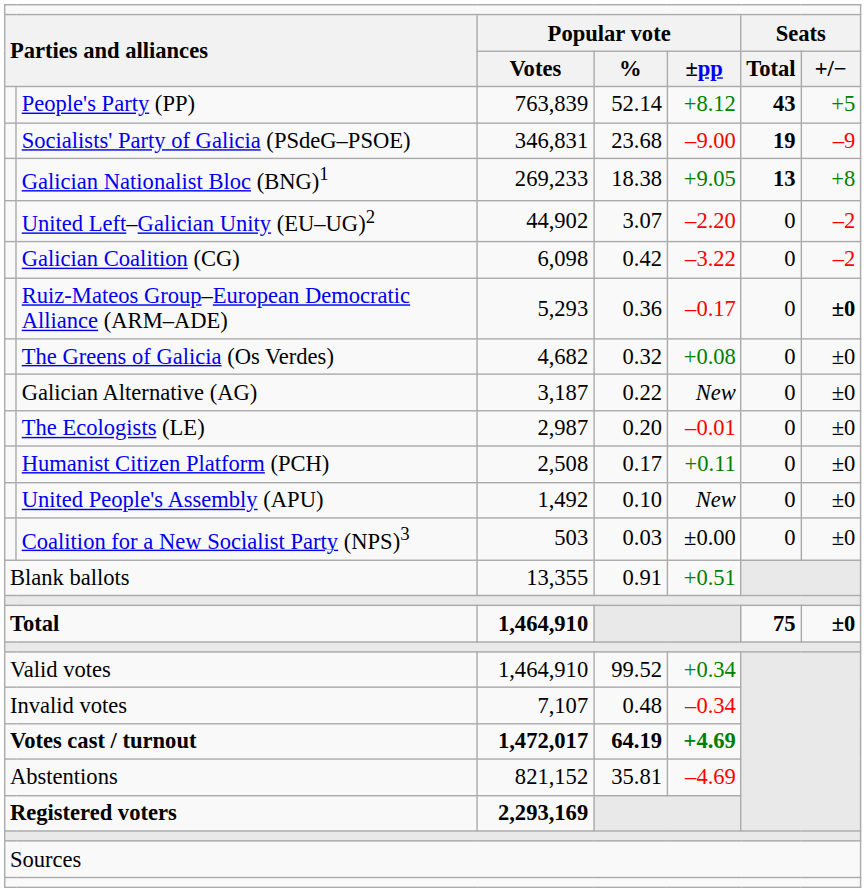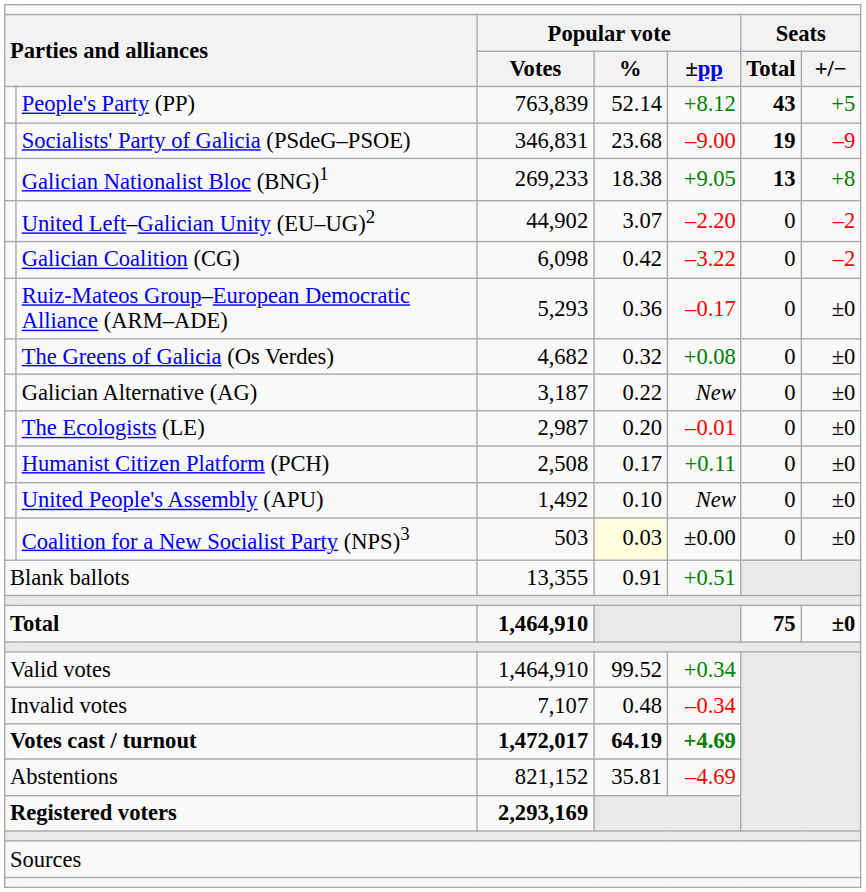 <table class="wikitable" style="text-align:right;">
 <tr>
 <td colspan="7"></td>
 </tr>
 <tr>
 <th style="text-align:left;" rowspan="2" colspan="2" width="525">Parties and alliances</th>
 <th colspan="3">Popular vote</th>
 <th colspan="2">Seats</th>
 </tr>
 <tr>
 <th width="75">Votes</th>
 <th width="45">%</th>
 <th width="45">±<a href='#'>pp</a></th>
 <th width="35">Total</th>
 <th width="35">+/−</th>
 </tr>
 <tr>
 <td width="1" style="color:inherit;background:"></td>
 <td align="left"><a href='#'>People's Party</a> (PP)</td>
 <td>763,839</td>
 <td>52.14</td>
 <td style="color:green;">+8.12</td>
 <td><strong>43</strong></td>
 <td style="color:green;">+5</td>
 </tr>
 <tr>
 <td style="color:inherit;background:"></td>
 <td align="left"><a href='#'>Socialists' Party of Galicia</a> (PSdeG–PSOE)</td>
 <td>346,831</td>
 <td>23.68</td>
 <td style="color:red;">–9.00</td>
 <td><strong>19</strong></td>
 <td style="color:red;">–9</td>
 </tr>
 <tr>
 <td style="color:inherit;background:"></td>
 <td align="left"><a href='#'>Galician Nationalist Bloc</a> (BNG)<sup>1</sup></td>
 <td>269,233</td>
 <td>18.38</td>
 <td style="color:green;">+9.05</td>
 <td><strong>13</strong></td>
 <td style="color:green;">+8</td>
 </tr>
 <tr>
 <td style="color:inherit;background:"></td>
 <td align="left"><a href='#'>United Left</a>–<a href='#'>Galician Unity</a> (EU–UG)<sup>2</sup></td>
 <td>44,902</td>
 <td>3.07</td>
 <td style="color:red;">–2.20</td>
 <td>0</td>
 <td style="color:red;">–2</td>
 </tr>
 <tr>
 <td style="color:inherit;background:"></td>
 <td align="left"><a href='#'>Galician Coalition</a> (CG)</td>
 <td>6,098</td>
 <td>0.42</td>
 <td style="color:red;">–3.22</td>
 <td>0</td>
 <td style="color:red;">–2</td>
 </tr>
 <tr>
 <td style="color:inherit;background:"></td>
 <td align="left"><a href='#'>Ruiz-Mateos Group</a>–<a href='#'>European Democratic Alliance</a> (ARM–ADE)</td>
 <td>5,293</td>
 <td>0.36</td>
 <td style="color:red;">–0.17</td>
 <td>0</td>
-<td><strong>±0</strong></td>
+<td>±0</td>
 </tr>
 <tr>
 <td style="color:inherit;background:"></td>
 <td align="left"><a href='#'>The Greens of Galicia</a> (Os Verdes)</td>
 <td>4,682</td>
 <td>0.32</td>
 <td style="color:green;">+0.08</td>
 <td>0</td>
 <td>±0</td>
 </tr>
 <tr>
 <td style="color:inherit;background:"></td>
 <td align="left">Galician Alternative (AG)</td>
 <td>3,187</td>
 <td>0.22</td>
 <td><em>New</em></td>
 <td>0</td>
 <td>±0</td>
 </tr>
 <tr>
 <td style="color:inherit;background:"></td>
 <td align="left"><a href='#'>The Ecologists</a> (LE)</td>
 <td>2,987</td>
 <td>0.20</td>
 <td style="color:red;">–0.01</td>
 <td>0</td>
 <td>±0</td>
 </tr>
 <tr>
 <td style="color:inherit;background:"></td>
 <td align="left"><a href='#'>Humanist Citizen Platform</a> (PCH)</td>
 <td>2,508</td>
 <td>0.17</td>
 <td style="color:green;">+0.11</td>
 <td>0</td>
 <td>±0</td>
 </tr>
 <tr>
 <td style="color:inherit;background:"></td>
 <td align="left"><a href='#'>United People's Assembly</a> (APU)</td>
 <td>1,492</td>
 <td>0.10</td>
 <td><em>New</em></td>
 <td>0</td>
 <td>±0</td>
 </tr>
 <tr>
 <td style="color:inherit;background:"></td>
 <td align="left"><a href='#'>Coalition for a New Socialist Party</a> (NPS)<sup>3</sup></td>
 <td>503</td>
-<td>0.03</td>
+<td style="background: lightyellow;">0.03</td>
 <td>±0.00</td>
 <td>0</td>
 <td>±0</td>
 </tr>
 <tr>
 <td align="left" colspan="2">Blank ballots</td>
 <td>13,355</td>
 <td>0.91</td>
 <td style="color:green;">+0.51</td>
 <td bgcolor="#E9E9E9" colspan="2"></td>
 </tr>
 <tr>
 <td colspan="7" bgcolor="#E9E9E9"></td>
 </tr>
 <tr style="font-weight:bold;">
 <td align="left" colspan="2">Total</td>
 <td>1,464,910</td>
 <td bgcolor="#E9E9E9" colspan="2"></td>
 <td>75</td>
 <td>±0</td>
 </tr>
 <tr>
 <td colspan="7" bgcolor="#E9E9E9"></td>
 </tr>
 <tr>
 <td align="left" colspan="2">Valid votes</td>
 <td>1,464,910</td>
 <td>99.52</td>
 <td style="color:green;">+0.34</td>
 <td bgcolor="#E9E9E9" colspan="7" rowspan="5"></td>
 </tr>
 <tr>
 <td align="left" colspan="2">Invalid votes</td>
 <td>7,107</td>
 <td>0.48</td>
 <td style="color:red;">–0.34</td>
 </tr>
 <tr style="font-weight:bold;">
 <td align="left" colspan="2">Votes cast / turnout</td>
 <td>1,472,017</td>
 <td>64.19</td>
 <td style="color:green;">+4.69</td>
 </tr>
 <tr>
 <td align="left" colspan="2">Abstentions</td>
 <td>821,152</td>
 <td>35.81</td>
 <td style="color:red;">–4.69</td>
 </tr>
 <tr style="font-weight:bold;">
 <td align="left" colspan="2">Registered voters</td>
 <td>2,293,169</td>
 <td bgcolor="#E9E9E9" colspan="2"></td>
 </tr>
 <tr>
 <td colspan="7" bgcolor="#E9E9E9"></td>
 </tr>
 <tr>
 <td align="left" colspan="7">Sources</td>
 </tr>
 <tr>
 <td colspan="7" style="text-align:left; max-width:790px;"></td>
 </tr>
 </table>
